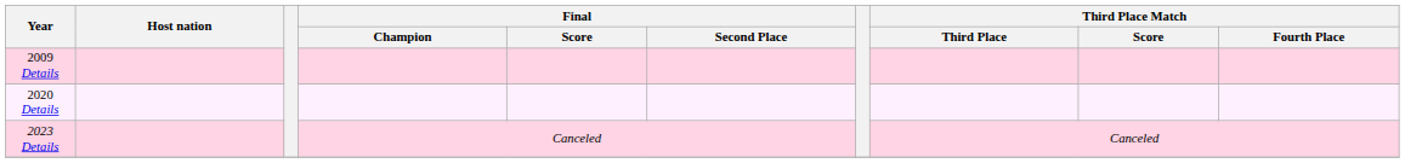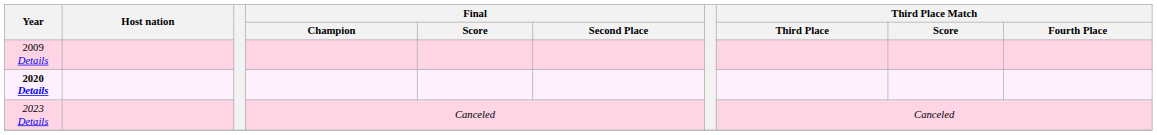 <table class="wikitable" style="font-size: 90%; text-align: center; width: 98%;">
 <tr>
 <th rowspan=2 width="5%">Year</th>
 <th rowspan=2 width="15%">Host nation</th>
 <th width="1%" rowspan=5></th>
 <th colspan=3>Final</th>
 <th width="1%" rowspan=5></th>
 <th colspan=3>Third Place Match</th>
 </tr>
 <tr>
 <th width="15%">Champion</th>
 <th width="10%">Score</th>
 <th width="15%">Second Place</th>
 <th width="15%">Third Place</th>
 <th width="10%">Score</th>
 <th width="15%">Fourth Place</th>
 </tr>
 <tr align="center" bgcolor="#ffd4e4">
 <td>2009<br><em><a href='#'>Details</a></em></td>
 <td align=left></td>
 <td><strong></strong></td>
 <td></td>
 <td></td>
 <td></td>
 <td></td>
 <td></td>
 </tr>
 <tr align="center" bgcolor="#fff0ff">
-<td>2020<br><em><a href='#'>Details</a></em></td>
+<td><strong>2020<br><em><a href='#'>Details</a></em></strong></td>
 <td align=left></td>
 <td><strong></strong></td>
 <td></td>
 <td></td>
 <td></td>
 <td></td>
 <td></td>
 </tr>
 <tr align="center" bgcolor="#ffd4e4">
 <td><em>2023</em><br><em><a href='#'>Details</a></em></td>
 <td align=left><em></em></td>
 <td colspan=3><em>Canceled</em></td>
 <td colspan=3><em>Canceled</em></td>
 </tr>
 <tr align="center" bgcolor="#ffd4e4">
 </tr>
 </table>
